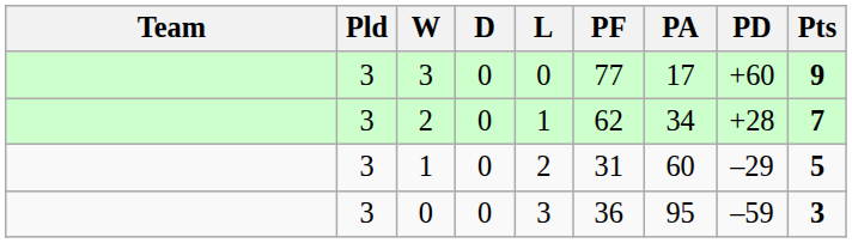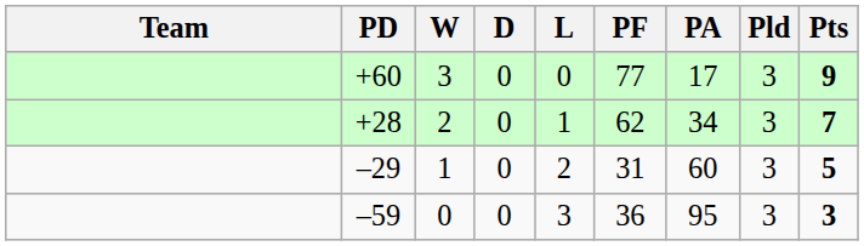 <table class="wikitable" style="text-align:center;">
 <tr>
 <th width=175>Team</th>
-<th width=25 abbr="Played">Pld</th>
+<th width=32 abbr="Points difference">PD</th>
 <th width=25 abbr="Won">W</th>
 <th width=25 abbr="Drawn">D</th>
 <th width=25 abbr="Lost">L</th>
 <th width=32 abbr="Points for">PF</th>
 <th width=32 abbr="Points against">PA</th>
-<th width=32 abbr="Points difference">PD</th>
+<th width=25 abbr="Played">Pld</th>
 <th width=25 abbr="Points">Pts</th>
 </tr>
 <tr bgcolor=ccffcc>
 <td align=left></td>
-<td>3</td>
+<td>+60</td>
 <td>3</td>
 <td>0</td>
 <td>0</td>
 <td>77</td>
 <td>17</td>
-<td>+60</td>
+<td>3</td>
 <td><strong>9</strong></td>
 </tr>
 <tr bgcolor=ccffcc>
 <td align=left></td>
-<td>3</td>
+<td>+28</td>
 <td>2</td>
 <td>0</td>
 <td>1</td>
 <td>62</td>
 <td>34</td>
-<td>+28</td>
+<td>3</td>
 <td><strong>7</strong></td>
 </tr>
 <tr>
 <td align=left></td>
-<td>3</td>
+<td>–29</td>
 <td>1</td>
 <td>0</td>
 <td>2</td>
 <td>31</td>
 <td>60</td>
-<td>–29</td>
+<td>3</td>
 <td><strong>5</strong></td>
 </tr>
 <tr>
 <td align=left></td>
-<td>3</td>
+<td>–59</td>
 <td>0</td>
 <td>0</td>
 <td>3</td>
 <td>36</td>
 <td>95</td>
-<td>–59</td>
+<td>3</td>
 <td><strong>3</strong></td>
 </tr>
 </table>
